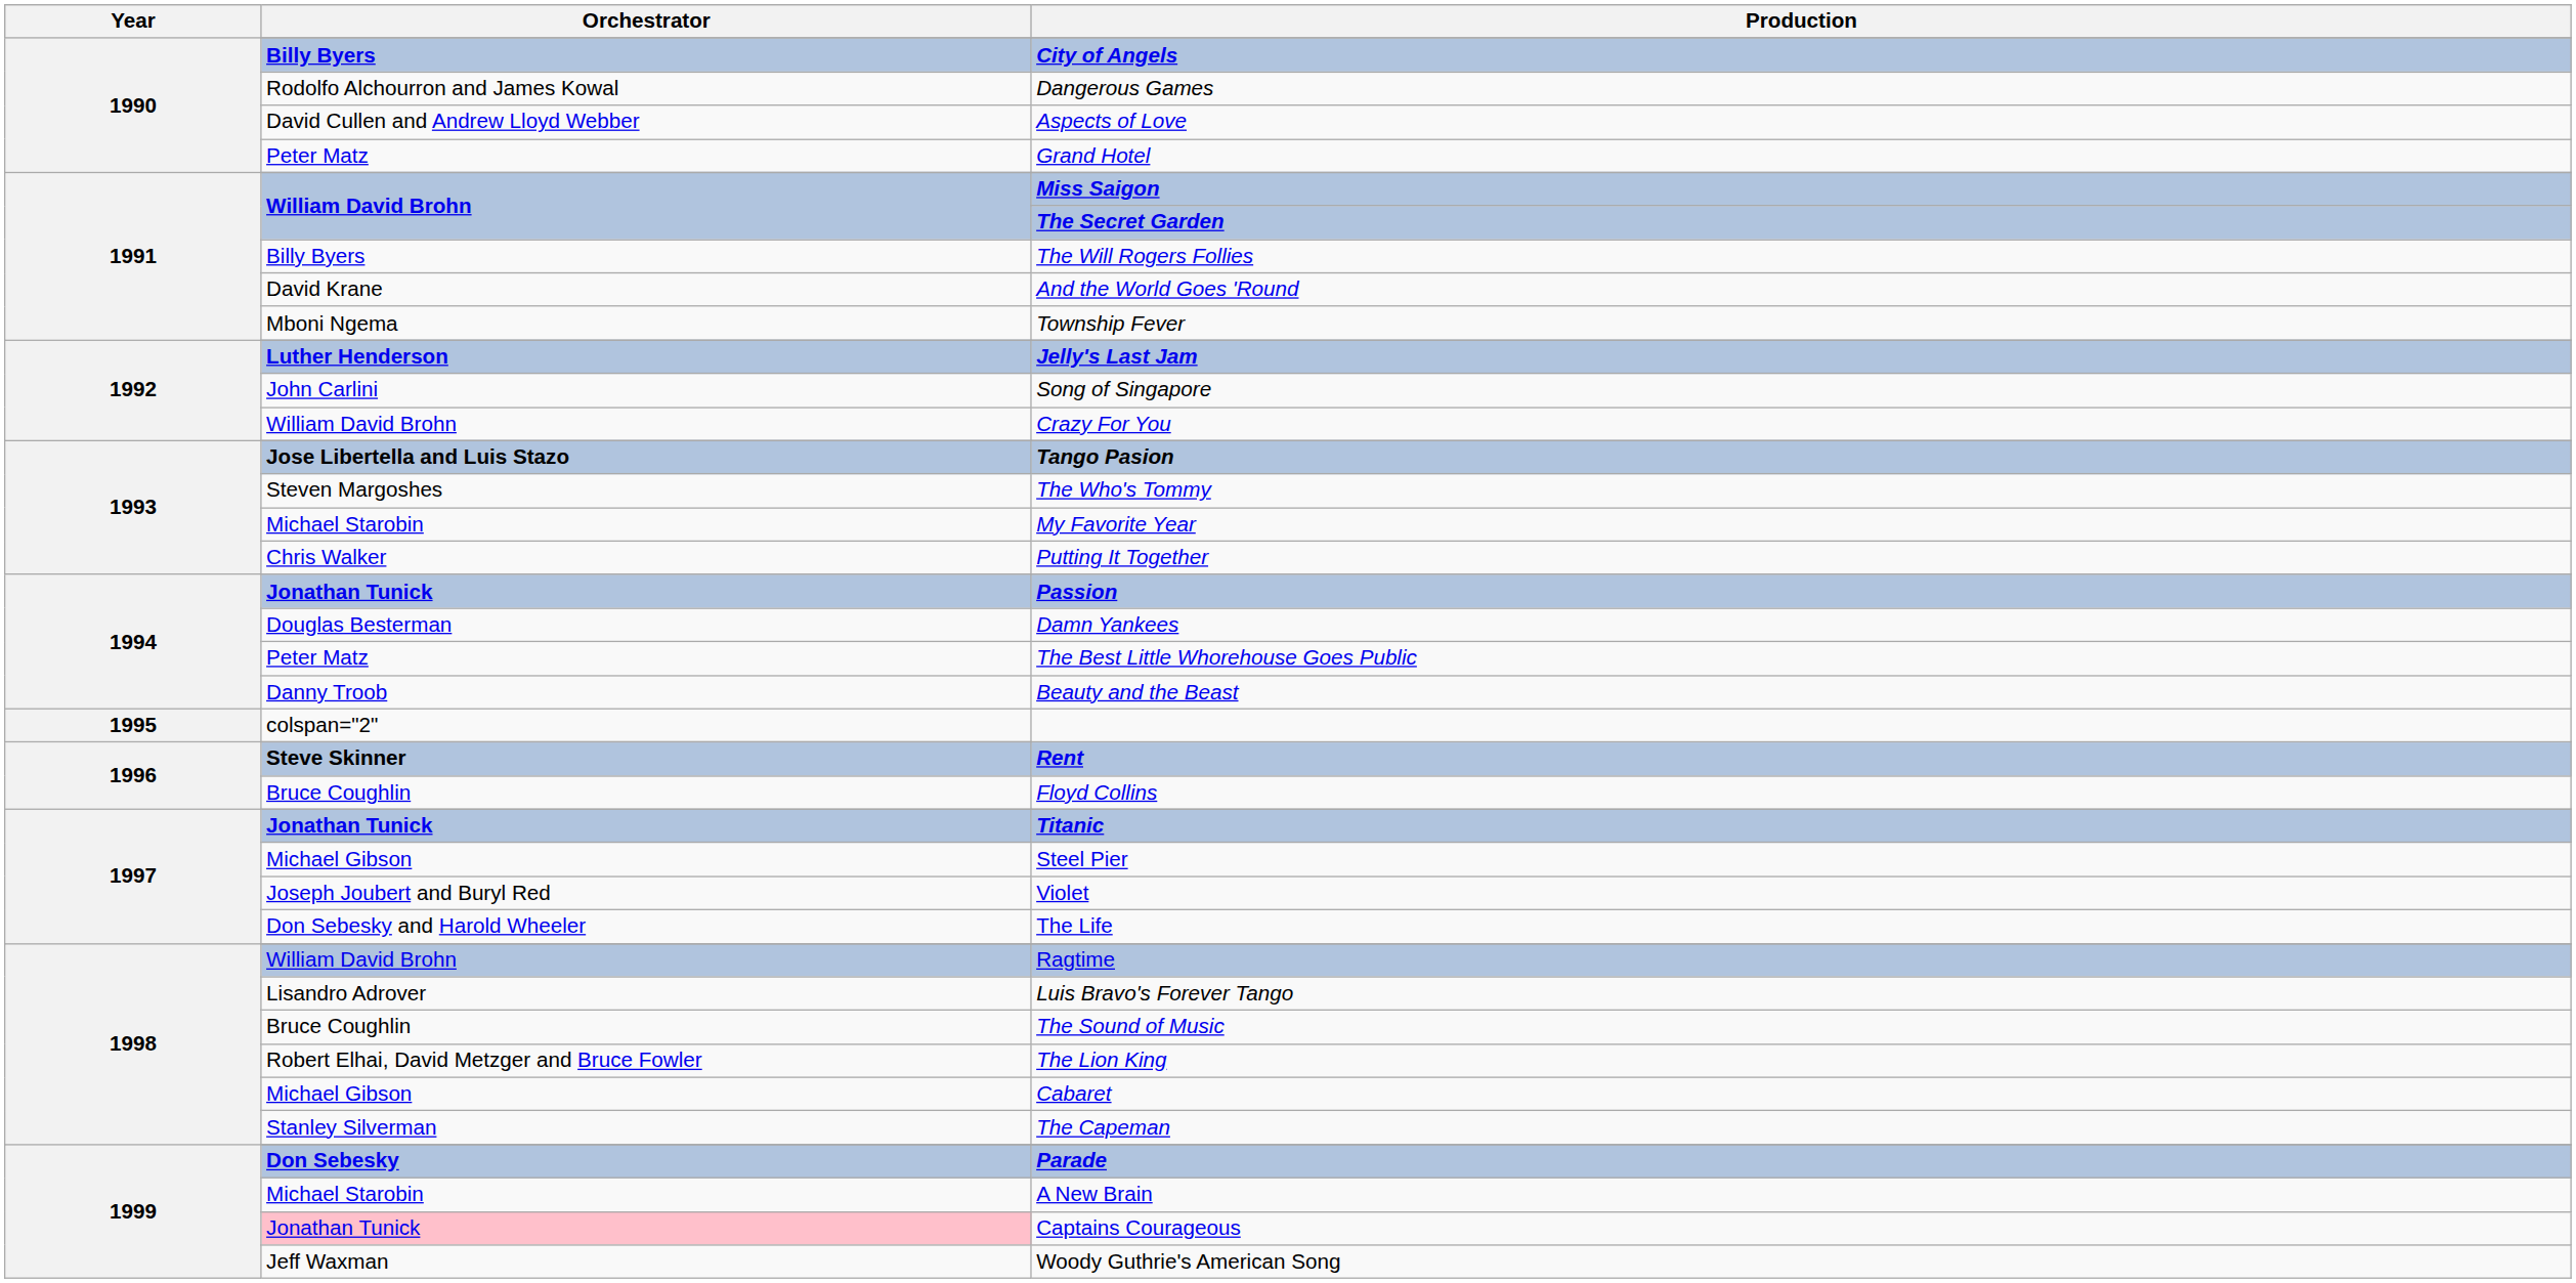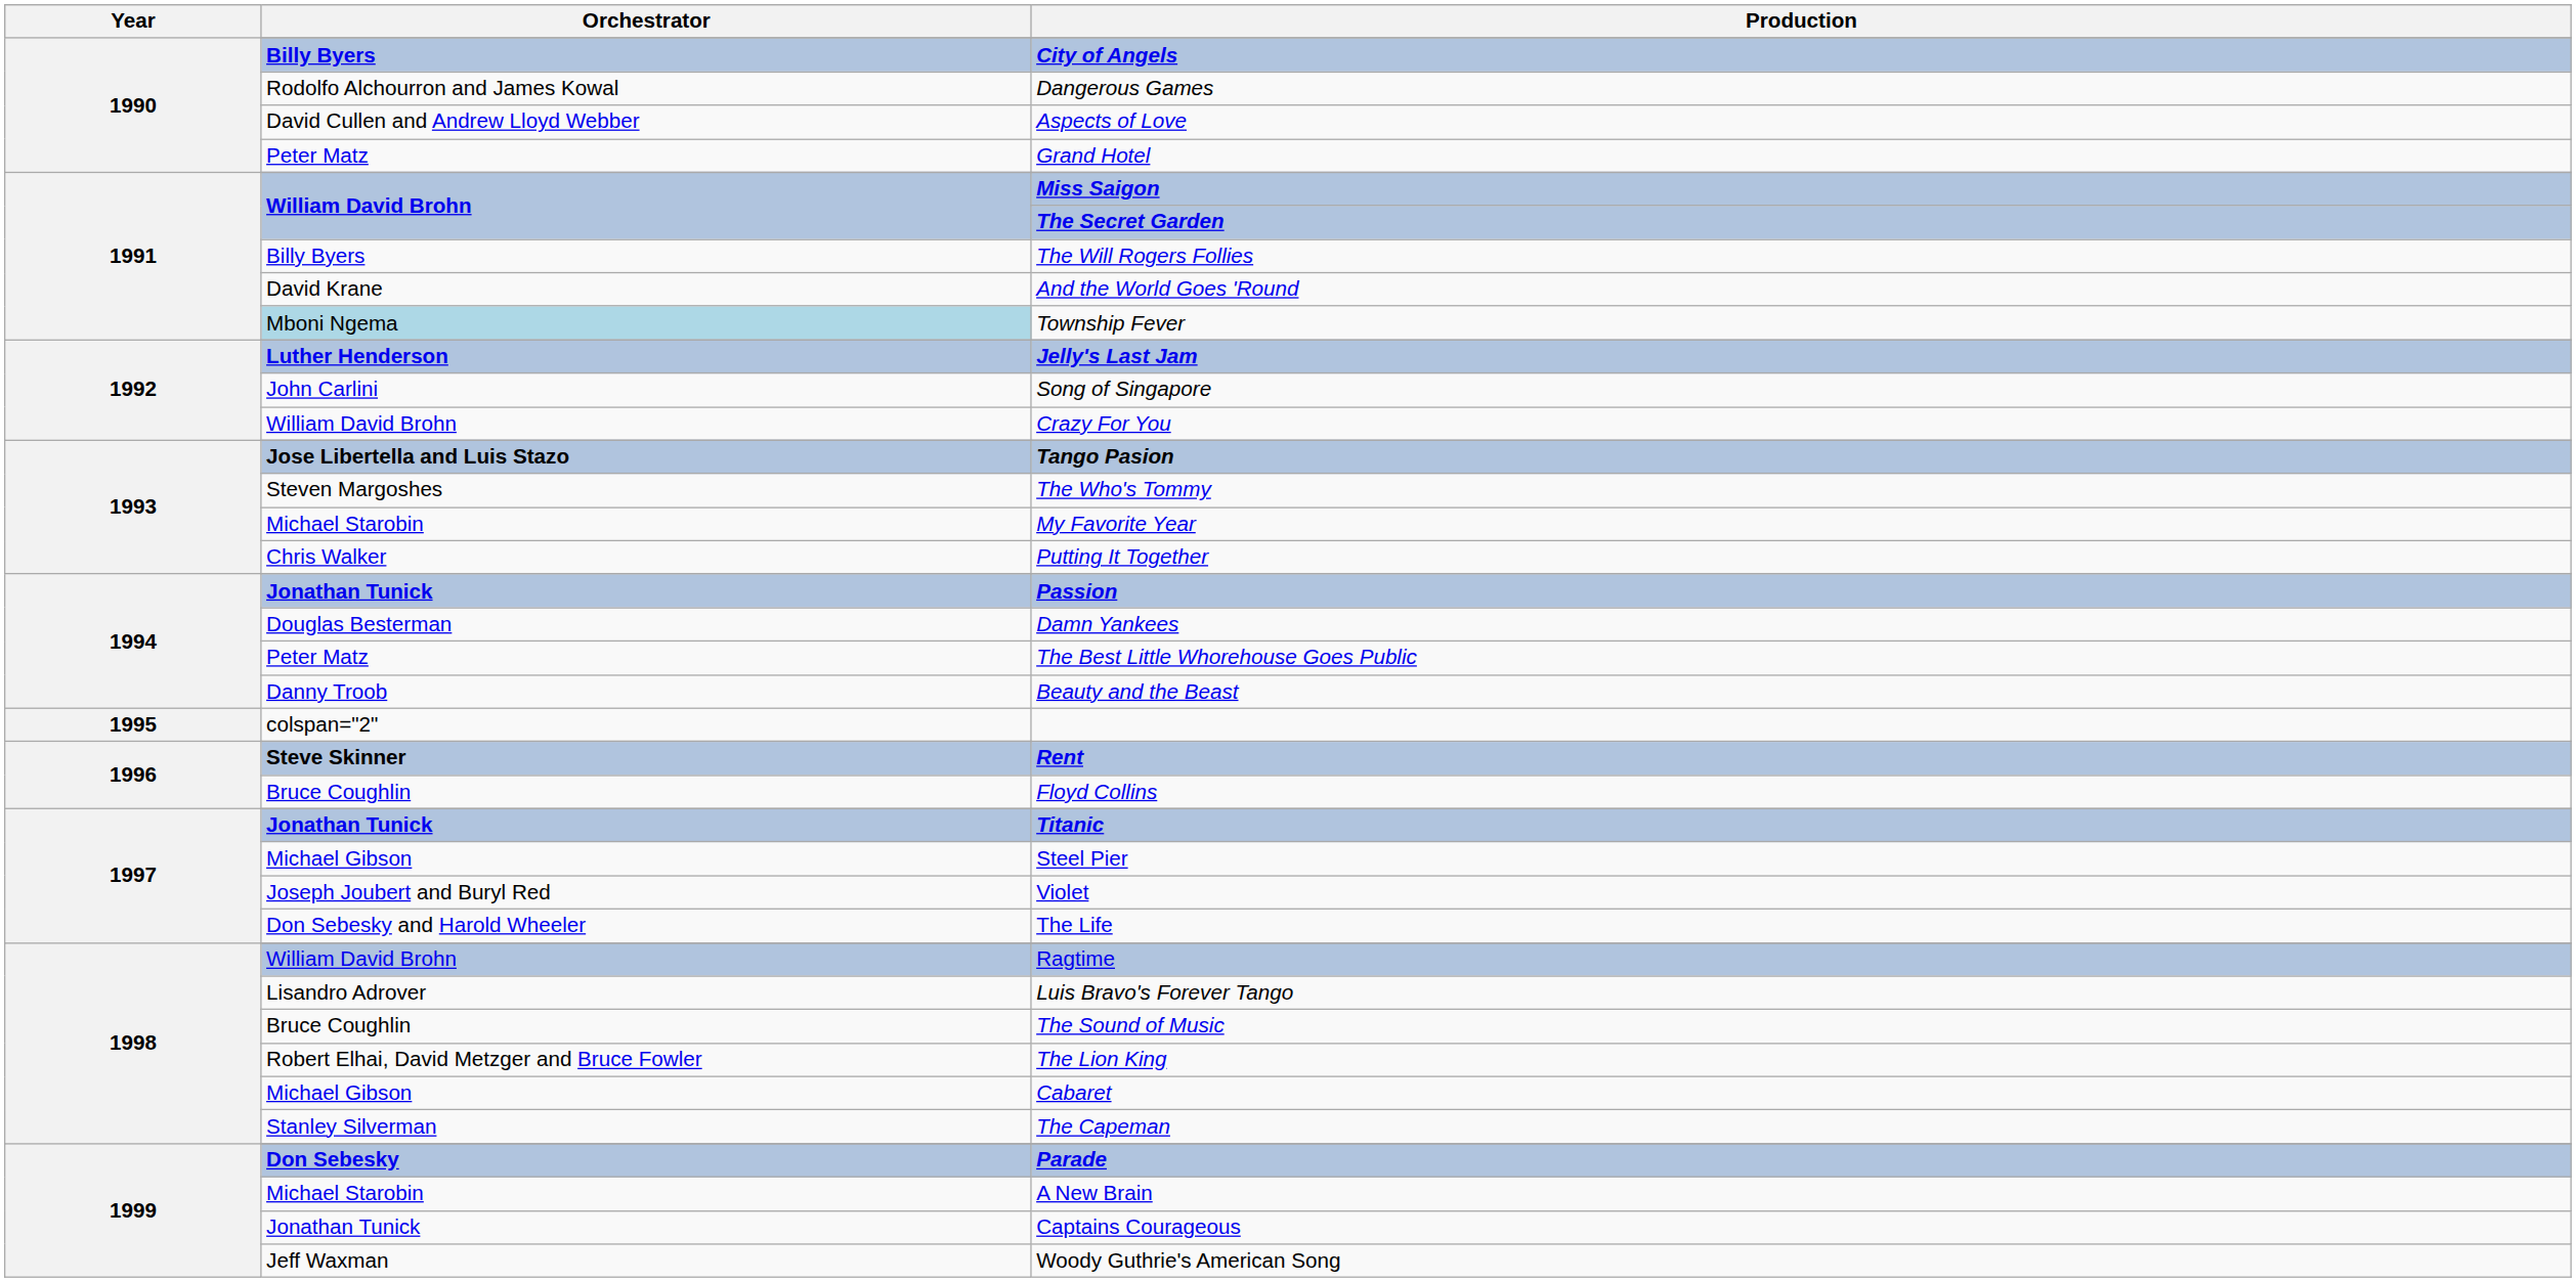 <table class="wikitable" style="width:98%;">
 <tr style="background:#bebebe;">
 <th style="width:10%;">Year</th>
 <th style="width:30%;">Orchestrator</th>
 <th style="width:60%;">Production</th>
 </tr>
 <tr>
 <th rowspan="5">1990</th>
 </tr>
 <tr style="background:#B0C4DE">
 <td><strong><a href='#'>Billy Byers</a></strong></td>
 <td><strong><em><a href='#'>City of Angels</a></em></strong></td>
 </tr>
 <tr>
 <td>Rodolfo Alchourron and James Kowal</td>
 <td><em>Dangerous Games</em></td>
 </tr>
 <tr>
 <td>David Cullen and <a href='#'>Andrew Lloyd Webber</a></td>
 <td><em><a href='#'>Aspects of Love</a></em></td>
 </tr>
 <tr>
 <td><a href='#'>Peter Matz</a></td>
 <td><em><a href='#'>Grand Hotel</a></em></td>
 </tr>
 <tr>
 <th rowspan="6">1991</th>
 </tr>
 <tr style="background:#B0C4DE">
 <td rowspan="2"><strong><a href='#'>William David Brohn</a></strong></td>
 <td><strong><em><a href='#'>Miss Saigon</a></em></strong></td>
 </tr>
 <tr style="background:#B0C4DE">
 <td><strong><em><a href='#'>The Secret Garden</a></em></strong></td>
 </tr>
 <tr>
 <td><a href='#'>Billy Byers</a></td>
 <td><em><a href='#'>The Will Rogers Follies</a></em></td>
 </tr>
 <tr>
 <td>David Krane</td>
 <td><em><a href='#'>And the World Goes 'Round</a></em></td>
 </tr>
 <tr>
-<td>Mboni Ngema</td>
+<td style="background: lightblue;">Mboni Ngema</td>
 <td><em>Township Fever</em></td>
 </tr>
 <tr>
 <th rowspan="4">1992</th>
 </tr>
 <tr style="background:#B0C4DE">
 <td><strong><a href='#'>Luther Henderson</a></strong></td>
 <td><strong><em><a href='#'>Jelly's Last Jam</a></em></strong></td>
 </tr>
 <tr>
 <td><a href='#'>John Carlini</a></td>
 <td><em>Song of Singapore</em></td>
 </tr>
 <tr>
 <td><a href='#'>William David Brohn</a></td>
 <td><em><a href='#'>Crazy For You</a></em></td>
 </tr>
 <tr>
 <th rowspan="5">1993</th>
 </tr>
 <tr style="background:#B0C4DE">
 <td><strong>Jose Libertella and Luis Stazo</strong></td>
 <td><strong><em>Tango Pasion</em></strong></td>
 </tr>
 <tr>
 <td>Steven Margoshes</td>
 <td><em><a href='#'>The Who's Tommy</a></em></td>
 </tr>
 <tr>
 <td><a href='#'>Michael Starobin</a></td>
 <td><em><a href='#'>My Favorite Year</a></em></td>
 </tr>
 <tr>
 <td><a href='#'>Chris Walker</a></td>
 <td><em><a href='#'>Putting It Together</a></em></td>
 </tr>
 <tr>
 <th rowspan="5">1994</th>
 </tr>
 <tr style="background:#B0C4DE">
 <td><strong><a href='#'>Jonathan Tunick</a></strong></td>
 <td><strong><em><a href='#'>Passion</a></em></strong></td>
 </tr>
 <tr>
 <td><a href='#'>Douglas Besterman</a></td>
 <td><em><a href='#'>Damn Yankees</a></em></td>
 </tr>
 <tr>
 <td><a href='#'>Peter Matz</a></td>
 <td><em><a href='#'>The Best Little Whorehouse Goes Public</a></em></td>
 </tr>
 <tr>
 <td><a href='#'>Danny Troob</a></td>
 <td><em><a href='#'>Beauty and the Beast</a></em></td>
 </tr>
 <tr>
 <th>1995</th>
 <td>colspan="2" </td>
 </tr>
 <tr>
 <th rowspan="3">1996</th>
 </tr>
 <tr style="background:#B0C4DE">
 <td><strong>Steve Skinner</strong></td>
 <td><strong><em><a href='#'>Rent</a></em></strong></td>
 </tr>
 <tr>
 <td><a href='#'>Bruce Coughlin</a></td>
 <td><em><a href='#'>Floyd Collins</a></em></td>
 </tr>
 <tr>
 <th rowspan="5">1997</th>
 </tr>
 <tr style="background:#B0C4DE">
 <td><strong><a href='#'>Jonathan Tunick</a></strong></td>
 <td><strong><em><a href='#'>Titanic</a><em> <strong></td>
 </tr>
 <tr>
 <td><a href='#'>Michael Gibson</a></td>
 <td></em><a href='#'>Steel Pier</a><em></td>
 </tr>
 <tr>
 <td><a href='#'>Joseph Joubert</a> and Buryl Red</td>
 <td></em><a href='#'>Violet</a><em></td>
 </tr>
 <tr>
 <td><a href='#'>Don Sebesky</a> and <a href='#'>Harold Wheeler</a></td>
 <td></em><a href='#'>The Life</a><em></td>
 </tr>
 <tr>
 <th rowspan="7">1998</th>
 </tr>
 <tr style="background:#B0C4DE">
 <td></strong><a href='#'>William David Brohn</a><strong></td>
 <td></em></strong><a href='#'>Ragtime</a></em> </strong></td>
 </tr>
 <tr>
 <td>Lisandro Adrover</td>
 <td><em>Luis Bravo's Forever Tango</em></td>
 </tr>
 <tr>
 <td>Bruce Coughlin</td>
 <td><em><a href='#'>The Sound of Music</a></em></td>
 </tr>
 <tr>
 <td>Robert Elhai, David Metzger and <a href='#'>Bruce Fowler</a></td>
 <td><em><a href='#'>The Lion King</a></em></td>
 </tr>
 <tr>
 <td><a href='#'>Michael Gibson</a></td>
 <td><em><a href='#'>Cabaret</a></em></td>
 </tr>
 <tr>
 <td><a href='#'>Stanley Silverman</a></td>
 <td><em><a href='#'>The Capeman</a></em></td>
 </tr>
 <tr>
 <th rowspan="5">1999</th>
 </tr>
 <tr style="background:#B0C4DE">
 <td><strong><a href='#'>Don Sebesky</a></strong></td>
 <td><strong><em><a href='#'>Parade</a><em> <strong></td>
 </tr>
 <tr>
 <td><a href='#'>Michael Starobin</a></td>
 <td></em><a href='#'>A New Brain</a><em></td>
 </tr>
 <tr>
-<td style="background: pink;"><a href='#'>Jonathan Tunick</a></td>
+<td><a href='#'>Jonathan Tunick</a></td>
 <td></em><a href='#'>Captains Courageous</a><em></td>
 </tr>
 <tr>
 <td>Jeff Waxman</td>
 <td></em>Woody Guthrie's American Song<em></td>
 </tr>
 </table>
